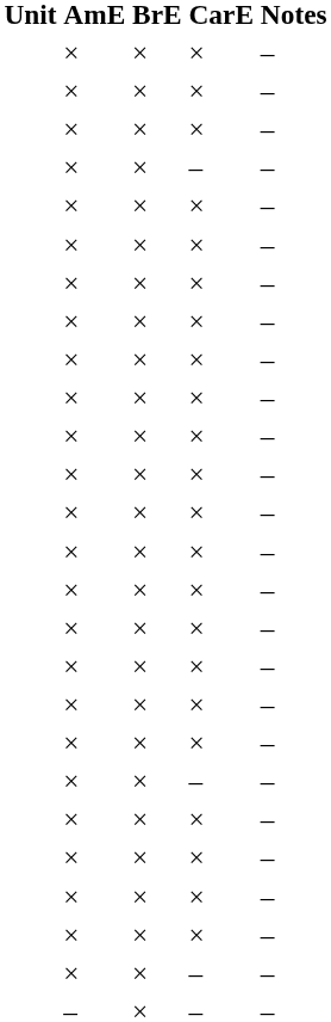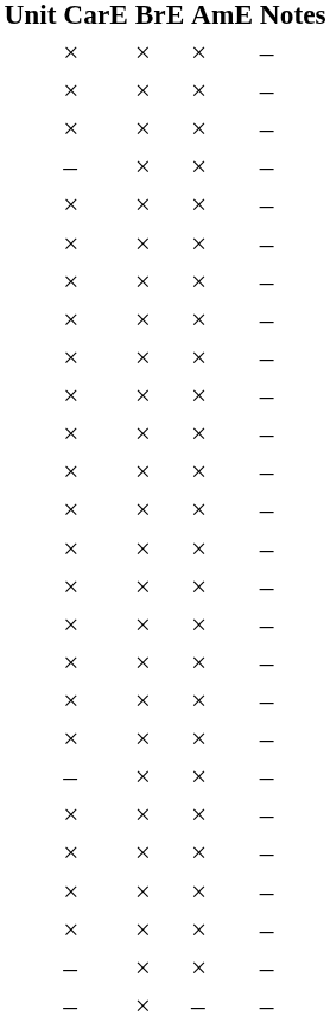 <table class="sortable">
 <tr>
 <th>Unit</th>
+<th>CarE</th>
+<th>BrE</th>
 <th>AmE</th>
-<th>BrE</th>
-<th>CarE</th>
 <th>Notes</th>
 </tr>
 <tr>
 <td></td>
 <td>×</td>
 <td>×</td>
 <td>×</td>
 <td>–</td>
 </tr>
 <tr>
 <td></td>
 <td>×</td>
 <td>×</td>
 <td>×</td>
 <td>–</td>
 </tr>
 <tr>
 <td></td>
 <td>×</td>
 <td>×</td>
 <td>×</td>
 <td>–</td>
 </tr>
 <tr>
 <td></td>
+<td>–</td>
 <td>×</td>
 <td>×</td>
-<td>–</td>
 <td>–</td>
 </tr>
 <tr>
 <td></td>
 <td>×</td>
 <td>×</td>
 <td>×</td>
 <td>–</td>
 </tr>
 <tr>
 <td></td>
 <td>×</td>
 <td>×</td>
 <td>×</td>
 <td>–</td>
 </tr>
 <tr>
 <td></td>
 <td>×</td>
 <td>×</td>
 <td>×</td>
 <td>–</td>
 </tr>
 <tr>
 <td></td>
 <td>×</td>
 <td>×</td>
 <td>×</td>
 <td>–</td>
 </tr>
 <tr>
 <td></td>
 <td>×</td>
 <td>×</td>
 <td>×</td>
 <td>–</td>
 </tr>
 <tr>
 <td></td>
 <td>×</td>
 <td>×</td>
 <td>×</td>
 <td>–</td>
 </tr>
 <tr>
 <td></td>
 <td>×</td>
 <td>×</td>
 <td>×</td>
 <td>–</td>
 </tr>
 <tr>
 <td></td>
 <td>×</td>
 <td>×</td>
 <td>×</td>
 <td>–</td>
 </tr>
 <tr>
 <td></td>
 <td>×</td>
 <td>×</td>
 <td>×</td>
 <td>–</td>
 </tr>
 <tr>
 <td></td>
 <td>×</td>
 <td>×</td>
 <td>×</td>
 <td>–</td>
 </tr>
 <tr>
 <td></td>
 <td>×</td>
 <td>×</td>
 <td>×</td>
 <td>–</td>
 </tr>
 <tr>
 <td></td>
 <td>×</td>
 <td>×</td>
 <td>×</td>
 <td>–</td>
 </tr>
 <tr>
 <td></td>
 <td>×</td>
 <td>×</td>
 <td>×</td>
 <td>–</td>
 </tr>
 <tr>
 <td></td>
 <td>×</td>
 <td>×</td>
 <td>×</td>
 <td>–</td>
 </tr>
 <tr>
 <td></td>
 <td>×</td>
 <td>×</td>
 <td>×</td>
 <td>–</td>
 </tr>
 <tr>
 <td></td>
+<td>–</td>
 <td>×</td>
 <td>×</td>
-<td>–</td>
 <td>–</td>
 </tr>
 <tr>
 <td></td>
 <td>×</td>
 <td>×</td>
 <td>×</td>
 <td>–</td>
 </tr>
 <tr>
 <td></td>
 <td>×</td>
 <td>×</td>
 <td>×</td>
 <td>–</td>
 </tr>
 <tr>
 <td></td>
 <td>×</td>
 <td>×</td>
 <td>×</td>
 <td>–</td>
 </tr>
 <tr>
 <td></td>
 <td>×</td>
 <td>×</td>
 <td>×</td>
 <td>–</td>
 </tr>
 <tr>
 <td></td>
+<td>–</td>
 <td>×</td>
 <td>×</td>
-<td>–</td>
 <td>–</td>
 </tr>
 <tr>
 <td></td>
 <td>–</td>
 <td>×</td>
 <td>–</td>
 <td>–</td>
 </tr>
 </table>
